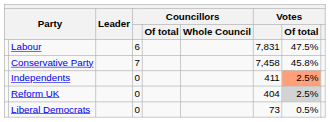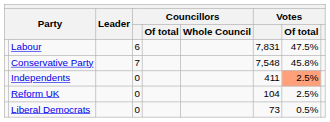 <table class="wikitable sortable" style="text-align:center;">
 <tr>
 <th colspan="9"></th>
 </tr>
 <tr>
 <th colspan="2" rowspan="2">Party</th>
 <th rowspan="2">Leader</th>
 <th colspan="3">Councillors</th>
 <th colspan="3">Votes</th>
 </tr>
 <tr>
 <th></th>
 <th>Of total</th>
 <th class="unsortable">Whole Council</th>
 <th></th>
 <th>Of total</th>
 <th class="unsortable"></th>
 </tr>
 <tr>
 <td style="background:"></td>
 <td style="text-align:left;"><a href='#'>Labour</a></td>
 <td style="text-align:left;"><small></small></td>
 <td style="text-align:right;">6</td>
 <td style="text-align:right;"></td>
 <td data-sort-value=""></td>
 <td style="text-align:right;">7,831</td>
 <td style="text-align:right;">47.5%</td>
 <td></td>
 </tr>
 <tr>
 <td style="background:"></td>
 <td style="text-align:left;"><a href='#'>Conservative Party</a></td>
 <td style="text-align:left;"><small></small></td>
 <td style="text-align:right;">7</td>
 <td style="text-align:right;"></td>
 <td data-sort-value=""></td>
-<td style="text-align:right;">7,458</td>
+<td style="text-align:right;">7,548</td>
 <td style="text-align:right;">45.8%</td>
 <td></td>
 </tr>
 <tr>
 <td style="background:"></td>
 <td style="text-align:left;"><a href='#'>Independents</a></td>
 <td style="text-align:left;"><small></small></td>
 <td style="text-align:right;">0</td>
 <td style="text-align:right;"></td>
 <td data-sort-value=""></td>
 <td style="text-align:right;">411</td>
 <td style="background: lightsalmon; text-align:right;">2.5%</td>
 <td></td>
 </tr>
 <tr>
 <td style="background:"></td>
 <td style="text-align:left;"><a href='#'>Reform UK</a></td>
 <td style="text-align:left;"><small></small></td>
 <td style="text-align:right;">0</td>
 <td style="text-align:right;"></td>
 <td data-sort-value=""></td>
-<td style="text-align:right;">404</td>
-<td style="background: lightgrey; text-align:right;">2.5%</td>
+<td style="text-align:right;">104</td>
+<td style="text-align:right;">2.5%</td>
 <td></td>
 </tr>
 <tr>
 <td style="background:"></td>
 <td style="text-align:left;"><a href='#'>Liberal Democrats</a></td>
 <td style="text-align:left;"><small></small></td>
 <td style="text-align:right;">0</td>
 <td style="text-align:right;"></td>
 <td data-sort-value=""></td>
 <td style="text-align:right;">73</td>
 <td style="text-align:right;">0.5%</td>
 <td></td>
 </tr>
 </table>
